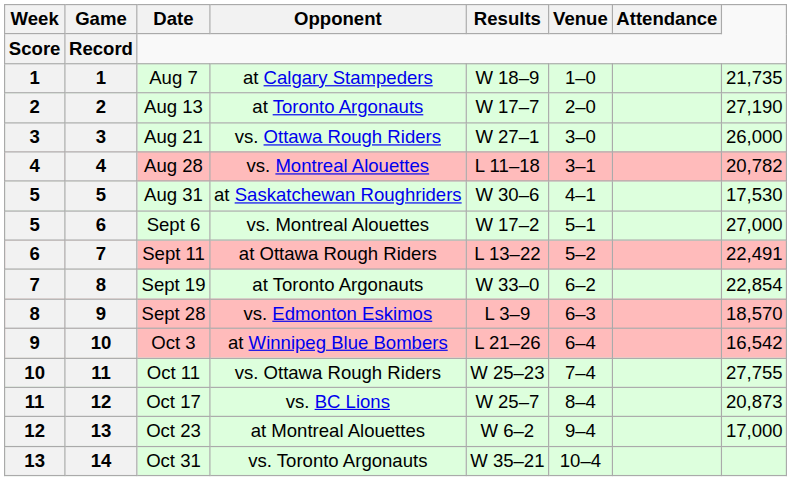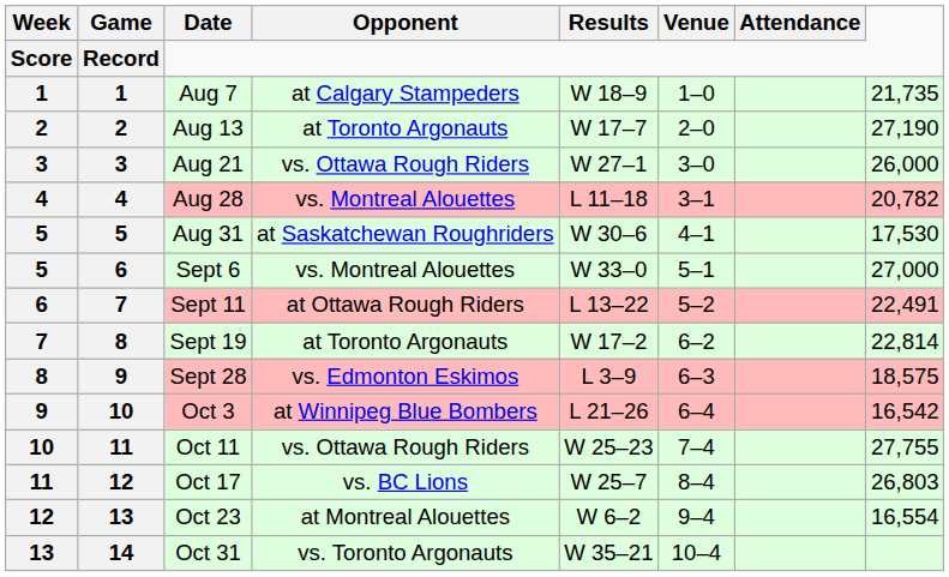 <table class="wikitable" style="text-align:center">
 <tr>
 <th>Week</th>
 <th>Game</th>
 <th>Date</th>
 <th>Opponent</th>
 <th>Results</th>
 <th>Venue</th>
 <th>Attendance</th>
 </tr>
 <tr>
 <th>Score</th>
 <th>Record</th>
 </tr>
 <tr style="background:#ddffdd">
 <th>1</th>
 <th>1</th>
 <td>Aug 7</td>
 <td>at <a href='#'>Calgary Stampeders</a></td>
 <td>W 18–9</td>
 <td>1–0</td>
 <td></td>
 <td>21,735</td>
 </tr>
 <tr style="background:#ddffdd">
 <th>2</th>
 <th>2</th>
 <td>Aug 13</td>
 <td>at <a href='#'>Toronto Argonauts</a></td>
 <td>W 17–7</td>
 <td>2–0</td>
 <td></td>
 <td>27,190</td>
 </tr>
 <tr style="background:#ddffdd">
 <th>3</th>
 <th>3</th>
 <td>Aug 21</td>
 <td>vs. <a href='#'>Ottawa Rough Riders</a></td>
 <td>W 27–1</td>
 <td>3–0</td>
 <td></td>
 <td>26,000</td>
 </tr>
 <tr style="background:#ffbbbb">
 <th>4</th>
 <th>4</th>
 <td>Aug 28</td>
 <td>vs. <a href='#'>Montreal Alouettes</a></td>
 <td>L 11–18</td>
 <td>3–1</td>
 <td></td>
 <td>20,782</td>
 </tr>
 <tr style="background:#ddffdd">
 <th>5</th>
 <th>5</th>
 <td>Aug 31</td>
 <td>at <a href='#'>Saskatchewan Roughriders</a></td>
 <td>W 30–6</td>
 <td>4–1</td>
 <td></td>
 <td>17,530</td>
 </tr>
 <tr style="background:#ddffdd">
 <th>5</th>
 <th>6</th>
 <td>Sept 6</td>
 <td>vs. Montreal Alouettes</td>
-<td>W 17–2</td>
+<td>W 33–0</td>
 <td>5–1</td>
 <td></td>
 <td>27,000</td>
 </tr>
 <tr style="background:#ffbbbb">
 <th>6</th>
 <th>7</th>
 <td>Sept 11</td>
 <td>at Ottawa Rough Riders</td>
 <td>L 13–22</td>
 <td>5–2</td>
 <td></td>
 <td>22,491</td>
 </tr>
 <tr style="background:#ddffdd">
 <th>7</th>
 <th>8</th>
 <td>Sept 19</td>
 <td>at Toronto Argonauts</td>
-<td>W 33–0</td>
+<td>W 17–2</td>
 <td>6–2</td>
 <td></td>
-<td>22,854</td>
+<td>22,814</td>
 </tr>
 <tr style="background:#ffbbbb">
 <th>8</th>
 <th>9</th>
 <td>Sept 28</td>
 <td>vs. <a href='#'>Edmonton Eskimos</a></td>
 <td>L 3–9</td>
 <td>6–3</td>
 <td></td>
-<td>18,570</td>
+<td>18,575</td>
 </tr>
 <tr style="background:#ffbbbb">
 <th>9</th>
 <th>10</th>
 <td>Oct 3</td>
 <td>at <a href='#'>Winnipeg Blue Bombers</a></td>
 <td>L 21–26</td>
 <td>6–4</td>
 <td></td>
 <td>16,542</td>
 </tr>
 <tr style="background:#ddffdd">
 <th>10</th>
 <th>11</th>
 <td>Oct 11</td>
 <td>vs. Ottawa Rough Riders</td>
 <td>W 25–23</td>
 <td>7–4</td>
 <td></td>
 <td>27,755</td>
 </tr>
 <tr style="background:#ddffdd">
 <th>11</th>
 <th>12</th>
 <td>Oct 17</td>
 <td>vs. <a href='#'>BC Lions</a></td>
 <td>W 25–7</td>
 <td>8–4</td>
 <td></td>
-<td>20,873</td>
+<td>26,803</td>
 </tr>
 <tr style="background:#ddffdd">
 <th>12</th>
 <th>13</th>
 <td>Oct 23</td>
 <td>at Montreal Alouettes</td>
 <td>W 6–2</td>
 <td>9–4</td>
 <td></td>
-<td>17,000</td>
+<td>16,554</td>
 </tr>
 <tr style="background:#ddffdd">
 <th>13</th>
 <th>14</th>
 <td>Oct 31</td>
 <td>vs. Toronto Argonauts</td>
 <td>W 35–21</td>
 <td>10–4</td>
 <td></td>
 <td></td>
 </tr>
 </table>
